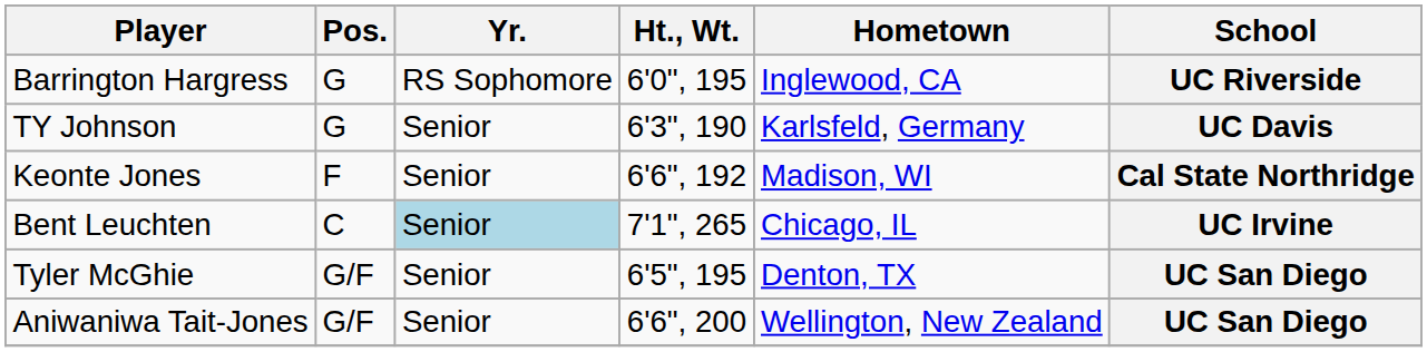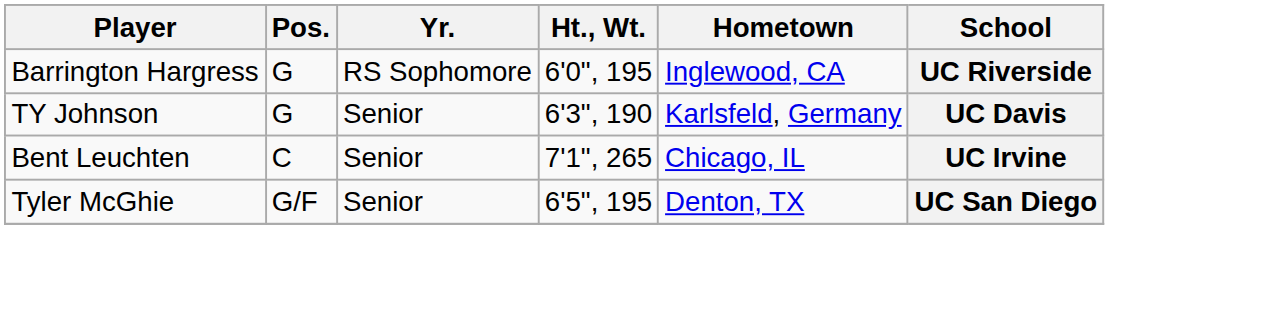 <table class="wikitable" style="white-space:nowrap; font-size:90%;">
 <tr>
 <th>Player</th>
 <th>Pos.</th>
 <th>Yr.</th>
 <th>Ht., Wt.</th>
 <th>Hometown</th>
 <th>School</th>
 </tr>
 <tr>
 <td>Barrington Hargress</td>
 <td>G</td>
 <td>RS Sophomore</td>
 <td>6'0", 195</td>
 <td><a href='#'>Inglewood, CA</a></td>
 <th>UC Riverside</th>
 </tr>
 <tr>
 <td>TY Johnson</td>
 <td>G</td>
 <td>Senior</td>
 <td>6'3", 190</td>
 <td><a href='#'>Karlsfeld</a>, <a href='#'>Germany</a></td>
 <th>UC Davis</th>
 </tr>
 <tr>
-<td>Keonte Jones</td>
-<td>F</td>
-<td>Senior</td>
-<td>6'6", 192</td>
-<td><a href='#'>Madison, WI</a></td>
-<th>Cal State Northridge</th>
-</tr>
-<tr>
 <td>Bent Leuchten</td>
 <td>C</td>
-<td style="background: lightblue;">Senior</td>
+<td>Senior</td>
 <td>7'1", 265</td>
 <td><a href='#'>Chicago, IL</a></td>
 <th>UC Irvine</th>
 </tr>
 <tr>
 <td>Tyler McGhie</td>
 <td>G/F</td>
 <td>Senior</td>
 <td>6'5", 195</td>
 <td><a href='#'>Denton, TX</a></td>
 <th>UC San Diego</th>
 </tr>
 <tr>
-<td>Aniwaniwa Tait-Jones</td>
-<td>G/F</td>
-<td>Senior</td>
-<td>6'6", 200</td>
-<td><a href='#'>Wellington</a>, <a href='#'>New Zealand</a></td>
-<th>UC San Diego</th>
-</tr>
-<tr>
 </tr>
 </table>
